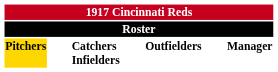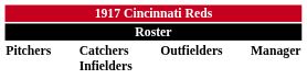 <table class="toccolours" style="font-size: 95%;">
 <tr>
 <th colspan="10" style="background-color: #c6011f; color: white; text-align: center;">1917 Cincinnati Reds</th>
 </tr>
 <tr>
 <td colspan="10" style="background-color: black; color: white; text-align: center;"><strong>Roster</strong></td>
 </tr>
 <tr>
-<td valign="top" style="background: gold;"><strong>Pitchers</strong><br>            </td>
+<td valign="top"><strong>Pitchers</strong><br>            </td>
 <td width="25px"></td>
 <td valign="top"><strong>Catchers</strong><br>    <strong>Infielders</strong>      </td>
 <td width="25px"></td>
 <td valign="top"><strong>Outfielders</strong><br>     </td>
 <td width="25px"></td>
 <td valign="top"><strong>Manager</strong><br></td>
 </tr>
 </table>
